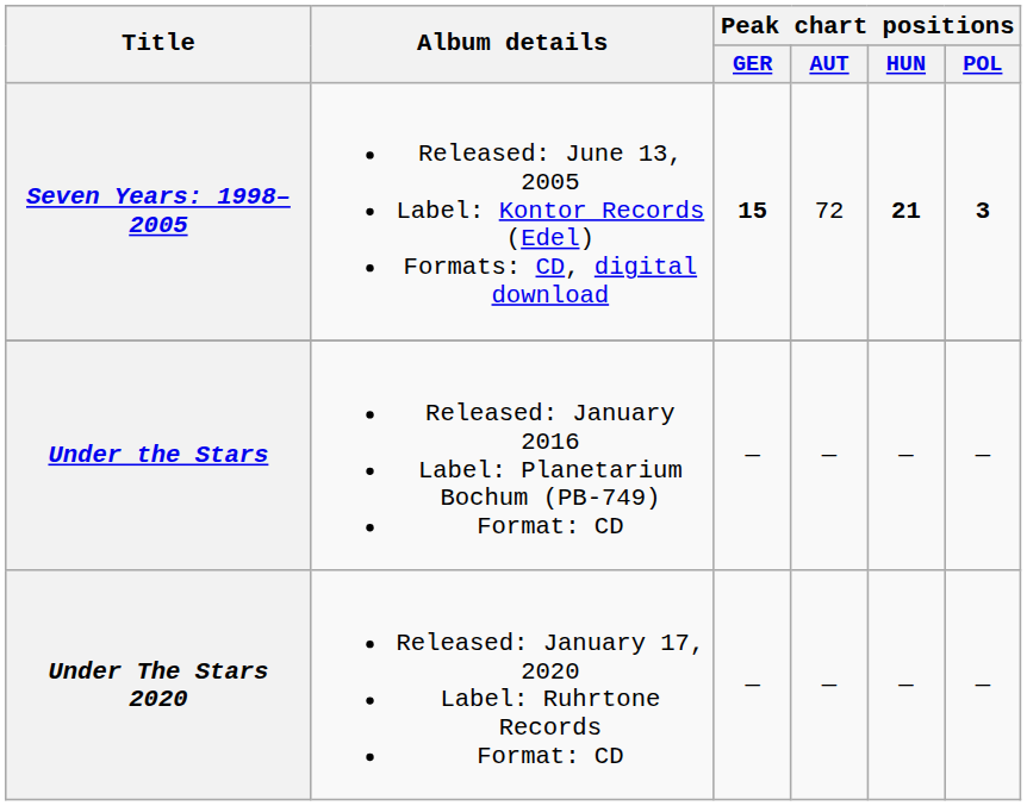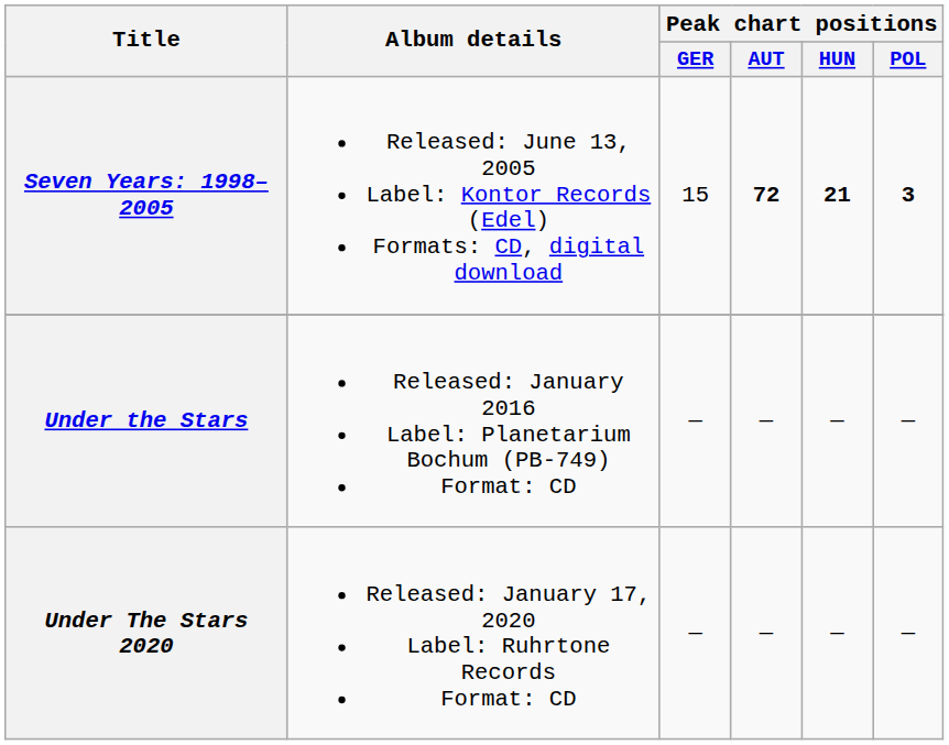 <table class="wikitable plainrowheaders" style="text-align:center;">
 <tr>
 <th scope="col" rowspan="2" style="width:12em;">Title</th>
 <th scope="col" rowspan="2" style="width:16em;">Album details</th>
 <th scope="col" colspan="10">Peak chart positions</th>
 </tr>
 <tr>
 <th scope="col" style="width:3em;font-size:90%;"><a href='#'>GER</a><br></th>
 <th scope="col" style="width:3em;font-size:90%;"><a href='#'>AUT</a><br></th>
 <th scope="col" style="width:3em;font-size:90%;"><a href='#'>HUN</a><br></th>
 <th scope="col" style="width:3em;font-size:90%;"><a href='#'>POL</a><br></th>
 </tr>
 <tr>
 <th scope="row"><em><a href='#'>Seven Years: 1998–2005</a></em></th>
 <td><br><ul><li>Released: June 13, 2005</li><li>Label: <a href='#'>Kontor Records</a> (<a href='#'>Edel</a>)</li><li>Formats: <a href='#'>CD</a>, <a href='#'>digital download</a></li></ul></td>
-<td><strong>15</strong></td>
-<td>72</td>
+<td>15</td>
+<td><strong>72</strong></td>
 <td><strong>21</strong></td>
 <td><strong>3</strong></td>
 </tr>
 <tr>
 </tr>
 <tr>
 <th scope="row"><em><a href='#'>Under the Stars</a></em></th>
 <td><br><ul><li>Released: January 2016</li><li>Label: Planetarium Bochum (PB-749)</li><li>Format: CD</li></ul></td>
 <td>—</td>
 <td>—</td>
 <td>—</td>
 <td>—</td>
 </tr>
 <tr>
 <th scope="row"><em>Under The Stars 2020</em></th>
 <td><br><ul><li>Released: January 17, 2020</li><li>Label: Ruhrtone Records</li><li>Format: CD</li></ul></td>
 <td>—</td>
 <td>—</td>
 <td>—</td>
 <td>—</td>
 </tr>
 </table>
